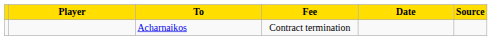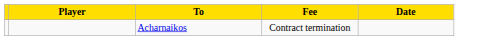 <table class="wikitable sortable">
 <tr>
 <th style="background:#FFDE00"></th>
 <th width=200 style="background:#FFDE00">Player</th>
 <th width=200 style="background:#FFDE00">To</th>
 <th width=150 style="background:#FFDE00">Fee</th>
 <th width=150 style="background:#FFDE00">Date</th>
-<th style="background:#FFDE00">Source</th>
 </tr>
 <tr>
 <td align=center></td>
 <td></td>
 <td> <a href='#'>Acharnaikos</a></td>
 <td align=center>Contract termination</td>
 <td align=center></td>
-<td align=center></td>
 </tr>
 </table>
